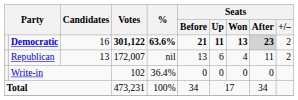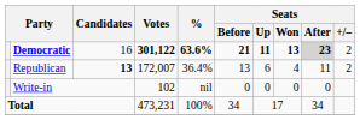 <table class="wikitable">
 <tr>
 <th rowspan="2" colspan="2">Party</th>
 <th rowspan="2">Candidates</th>
 <th rowspan="2">Votes</th>
 <th rowspan="2">%</th>
 <th colspan="5">Seats</th>
 </tr>
 <tr>
 <th>Before</th>
 <th>Up</th>
 <th>Won</th>
 <th>After</th>
 <th>+/–</th>
 </tr>
 <tr>
 <th style="background-color:"></th>
 <td><strong><a href='#'>Democratic</a></strong></td>
 <td align="right">16</td>
 <td align="right"><strong>301,122</strong></td>
 <td align="right"><strong>63.6%</strong></td>
 <td align="right"><strong>21</strong></td>
 <td align="right"><strong>11</strong></td>
 <td align="right"><strong>13</strong></td>
 <td align="right" style="background: lightgrey;"><strong>23</strong></td>
 <td align="right"> 2</td>
 </tr>
 <tr>
 <th style="background-color:"></th>
 <td><a href='#'>Republican</a></td>
-<td align="right">13</td>
+<td align="right"><strong>13</strong></td>
 <td align="right">172,007</td>
-<td align="right">nil</td>
+<td align="right">36.4%</td>
 <td align="right">13</td>
 <td align="right">6</td>
 <td align="right">4</td>
 <td align="right">11</td>
 <td align="right"> 2</td>
 </tr>
 <tr>
 <th style="background-color:"></th>
 <td colspan=2><a href='#'>Write-in</a></td>
 <td align="right">102</td>
-<td align="right">36.4%</td>
+<td align="right">nil</td>
 <td align="right">0</td>
 <td align="right">0</td>
 <td align="right">0</td>
 <td align="right">0</td>
 <td align="right"></td>
 </tr>
 <tr>
 <td colspan="3"><strong>Total</strong></td>
 <td align="right">473,231</td>
 <td align="right">100%</td>
 <td align="center">34</td>
 <td colspan="2" align="center">17</td>
 <td align="center">34</td>
 <td align="right"></td>
 </tr>
 <tr>
 </tr>
 </table>
